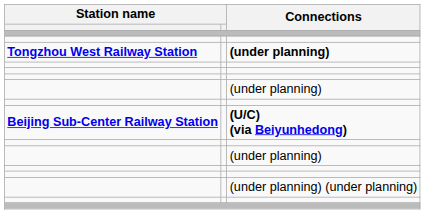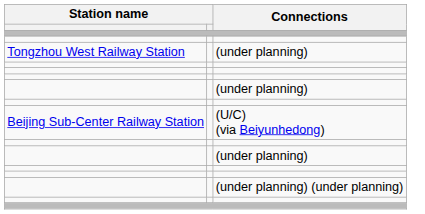 <table class="wikitable">
 <tr>
 <th colspan="2">Station name</th>
 <th rowspan="2">Connections<br></th>
 </tr>
 <tr>
 <th></th>
 <th></th>
 </tr>
 <tr style = "background:#bbbbbb; height: 2pt">
 <td colspan = "7"></td>
 </tr>
 <tr>
 <td></td>
 <td></td>
 <td></td>
 </tr>
 <tr>
-<td><strong><a href='#'>Tongzhou West Railway Station</a></strong></td>
+<td><a href='#'>Tongzhou West Railway Station</a></td>
 <td></td>
-<td><strong> (under planning)</strong></td>
+<td> (under planning)</td>
 </tr>
 <tr>
 <td></td>
 <td></td>
 <td></td>
 </tr>
 <tr>
 <td></td>
 <td></td>
 <td></td>
 </tr>
 <tr>
 <td></td>
 <td></td>
 <td></td>
 </tr>
 <tr>
 <td></td>
 <td></td>
 <td> (under planning)</td>
 </tr>
 <tr>
 <td></td>
 <td></td>
 <td></td>
 </tr>
 <tr>
-<td><strong><a href='#'>Beijing Sub-Center Railway Station</a></strong></td>
+<td><a href='#'>Beijing Sub-Center Railway Station</a></td>
 <td></td>
-<td><strong> (U/C)<br> (via <a href='#'>Beiyunhedong</a>)</strong></td>
+<td> (U/C)<br> (via <a href='#'>Beiyunhedong</a>)</td>
 </tr>
 <tr>
 <td></td>
 <td></td>
 <td></td>
 </tr>
 <tr>
 <td></td>
 <td></td>
 <td> (under planning)</td>
 </tr>
 <tr>
 <td></td>
 <td></td>
 <td></td>
 </tr>
 <tr>
 <td></td>
 <td></td>
 <td></td>
 </tr>
 <tr>
 <td></td>
 <td></td>
 <td> (under planning)  (under planning)</td>
 </tr>
 <tr>
 <td></td>
 <td></td>
 <td></td>
 </tr>
 <tr style = "background:#bbbbbb; height: 2pt">
 <td colspan = "7"></td>
 </tr>
 </table>
